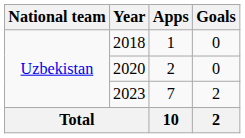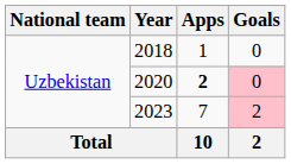 <table class="wikitable" style="text-align:center">
 <tr>
 <th>National team</th>
 <th>Year</th>
 <th>Apps</th>
 <th>Goals</th>
 </tr>
 <tr>
 <td rowspan="3"><a href='#'>Uzbekistan</a></td>
 <td>2018</td>
 <td>1</td>
 <td>0</td>
 </tr>
 <tr>
 <td>2020</td>
-<td>2</td>
-<td>0</td>
+<td><strong>2</strong></td>
+<td style="background: pink;">0</td>
 </tr>
 <tr>
 <td>2023</td>
 <td>7</td>
-<td>2</td>
+<td style="background: pink;">2</td>
 </tr>
 <tr>
 <th colspan="2">Total</th>
 <th>10</th>
 <th>2</th>
 </tr>
 </table>
